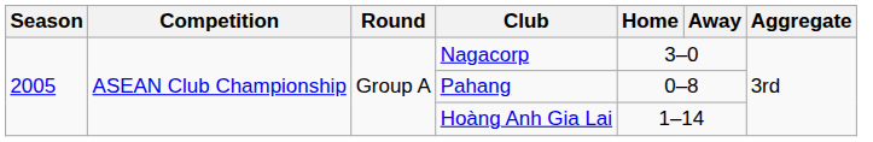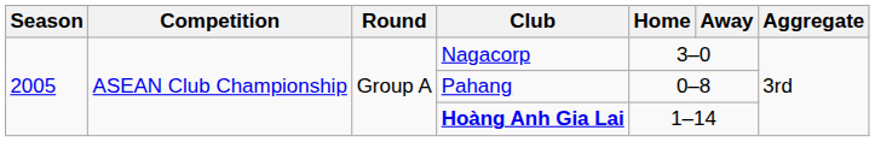 <table class="wikitable">
 <tr>
 <th>Season</th>
 <th>Competition</th>
 <th>Round</th>
 <th>Club</th>
 <th>Home</th>
 <th>Away</th>
 <th>Aggregate</th>
 </tr>
 <tr>
 <td rowspan="3"><a href='#'>2005</a></td>
 <td rowspan="3"><a href='#'>ASEAN Club Championship</a></td>
 <td rowspan="3">Group A</td>
 <td> <a href='#'>Nagacorp</a></td>
 <td colspan=2; style="text-align:center;">3–0</td>
 <td rowspan="3">3rd</td>
 </tr>
 <tr>
 <td> <a href='#'>Pahang</a></td>
 <td colspan=2; style="text-align:center;">0–8</td>
 </tr>
 <tr>
-<td> <a href='#'>Hoàng Anh Gia Lai</a></td>
+<td><strong> <a href='#'>Hoàng Anh Gia Lai</a></strong></td>
 <td colspan=2; style="text-align:center;">1–14</td>
 </tr>
 </table>
